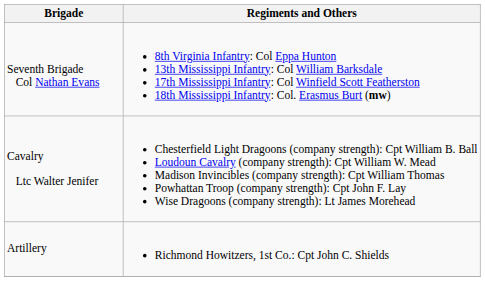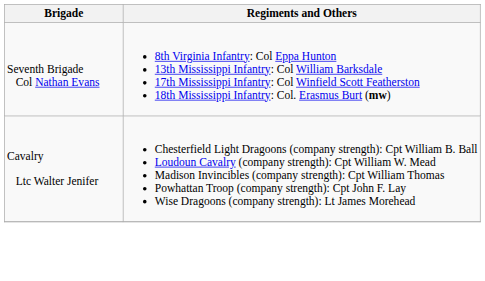 <table class="wikitable">
 <tr>
 <th width=25%>Brigade</th>
 <th>Regiments and Others</th>
 </tr>
 <tr>
 <td><br>Seventh Brigade <br>   Col <a href='#'>Nathan Evans</a></td>
 <td><br><ul><li><a href='#'>8th Virginia Infantry</a>: Col <a href='#'>Eppa Hunton</a></li><li><a href='#'>13th Mississippi Infantry</a>: Col <a href='#'>William Barksdale</a></li><li><a href='#'>17th Mississippi Infantry</a>: Col <a href='#'>Winfield Scott Featherston</a></li><li><a href='#'>18th Mississippi Infantry</a>: Col. <a href='#'>Erasmus Burt</a> (<strong>mw</strong>)</li></ul></td>
 </tr>
 <tr>
 <td>Cavalry<br><br>   Ltc Walter Jenifer</td>
 <td><br><ul><li>Chesterfield Light Dragoons (company strength): Cpt William B. Ball</li><li><a href='#'>Loudoun Cavalry</a> (company strength): Cpt William W. Mead</li><li>Madison Invincibles (company strength): Cpt William Thomas</li><li>Powhattan Troop (company strength): Cpt John F. Lay</li><li>Wise Dragoons (company strength): Lt James Morehead</li></ul></td>
 </tr>
 <tr>
-<td>Artillery</td>
-<td><br><ul><li>Richmond Howitzers, 1st Co.: Cpt John C. Shields</li></ul></td>
-</tr>
-<tr>
 </tr>
 </table>
